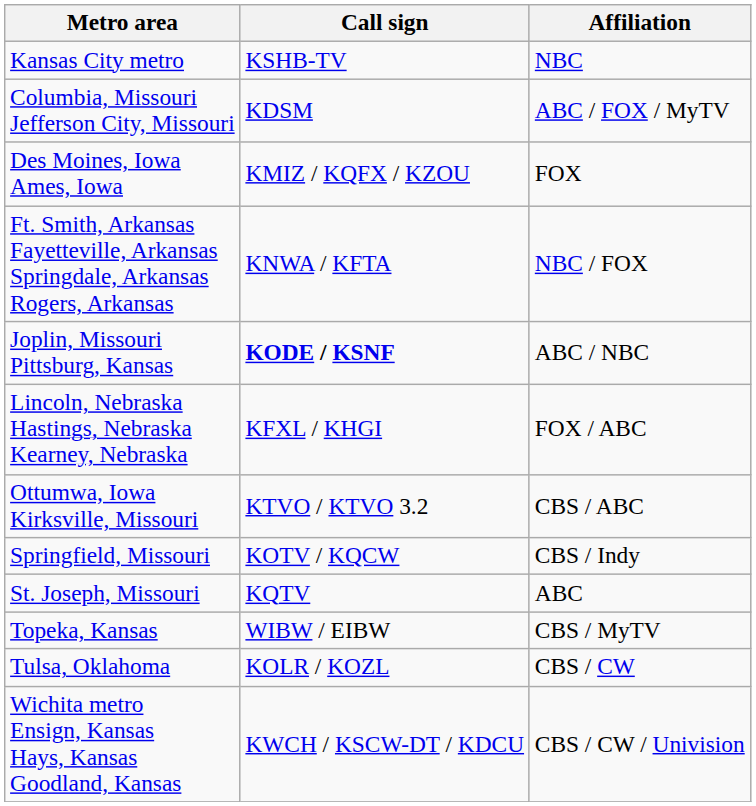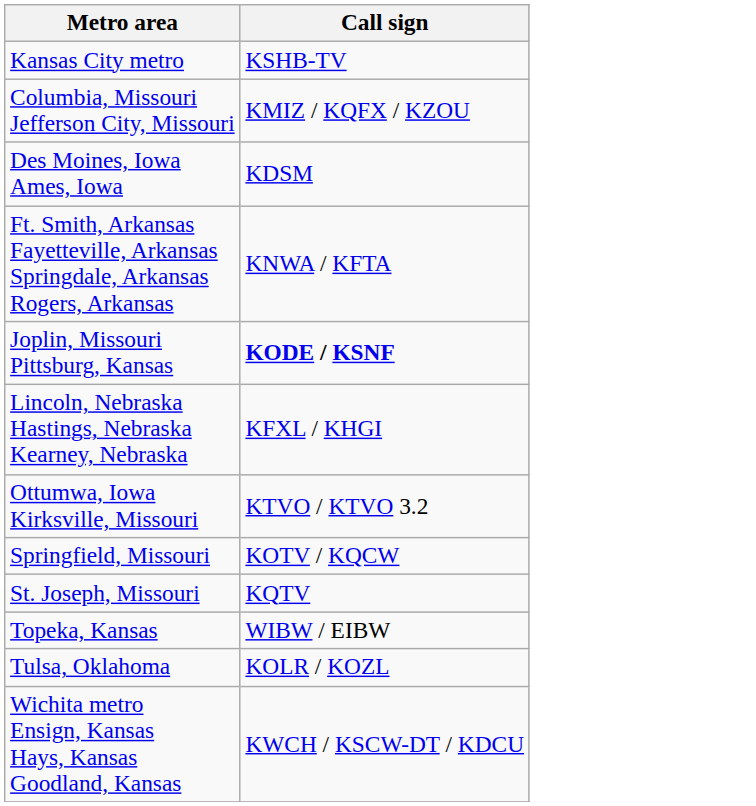 <table class="wikitable">
 <tr>
 <th>Metro area</th>
 <th>Call sign</th>
-<th>Affiliation</th>
 </tr>
 <tr>
 <td><a href='#'>Kansas City metro</a></td>
 <td><a href='#'>KSHB-TV</a></td>
-<td><a href='#'>NBC</a></td>
 </tr>
 <tr>
 <td><a href='#'>Columbia, Missouri</a><br><a href='#'>Jefferson City, Missouri</a></td>
-<td><a href='#'>KDSM</a></td>
-<td><a href='#'>ABC</a> / <a href='#'>FOX</a> / MyTV</td>
+<td><a href='#'>KMIZ</a> / <a href='#'>KQFX</a> / <a href='#'>KZOU</a></td>
 </tr>
 <tr>
 <td><a href='#'>Des Moines, Iowa</a><br><a href='#'>Ames, Iowa</a></td>
-<td><a href='#'>KMIZ</a> / <a href='#'>KQFX</a> / <a href='#'>KZOU</a></td>
-<td>FOX</td>
+<td><a href='#'>KDSM</a></td>
 </tr>
 <tr>
 <td><a href='#'>Ft. Smith, Arkansas</a><br><a href='#'>Fayetteville, Arkansas</a><br><a href='#'>Springdale, Arkansas</a><br><a href='#'>Rogers, Arkansas</a></td>
 <td><a href='#'>KNWA</a> / <a href='#'>KFTA</a></td>
-<td><a href='#'>NBC</a> / FOX</td>
 </tr>
 <tr>
 <td><a href='#'>Joplin, Missouri</a><br><a href='#'>Pittsburg, Kansas</a></td>
 <td><strong><a href='#'>KODE</a> / <a href='#'>KSNF</a></strong></td>
-<td>ABC / NBC</td>
 </tr>
 <tr>
 <td><a href='#'>Lincoln, Nebraska</a><br><a href='#'>Hastings, Nebraska</a><br><a href='#'>Kearney, Nebraska</a></td>
 <td><a href='#'>KFXL</a> / <a href='#'>KHGI</a></td>
-<td>FOX / ABC</td>
 </tr>
 <tr>
 <td><a href='#'>Ottumwa, Iowa</a><br><a href='#'>Kirksville, Missouri</a></td>
 <td><a href='#'>KTVO</a> / <a href='#'>KTVO</a> 3.2</td>
-<td>CBS / ABC</td>
 </tr>
 <tr>
 <td><a href='#'>Springfield, Missouri</a></td>
 <td><a href='#'>KOTV</a> / <a href='#'>KQCW</a></td>
-<td>CBS / Indy</td>
 </tr>
 <tr>
 <td><a href='#'>St. Joseph, Missouri</a></td>
 <td><a href='#'>KQTV</a></td>
-<td>ABC</td>
 </tr>
 <tr>
 <td><a href='#'>Topeka, Kansas</a></td>
 <td><a href='#'>WIBW</a> / EIBW</td>
-<td>CBS / MyTV</td>
 </tr>
 <tr>
 <td><a href='#'>Tulsa, Oklahoma</a></td>
 <td><a href='#'>KOLR</a> / <a href='#'>KOZL</a></td>
-<td>CBS / <a href='#'>CW</a></td>
 </tr>
 <tr>
 <td><a href='#'>Wichita metro</a><br><a href='#'>Ensign, Kansas</a><br><a href='#'>Hays, Kansas</a><br><a href='#'>Goodland, Kansas</a></td>
 <td><a href='#'>KWCH</a> / <a href='#'>KSCW-DT</a> / <a href='#'>KDCU</a></td>
-<td>CBS / CW / <a href='#'>Univision</a></td>
 </tr>
 </table>
